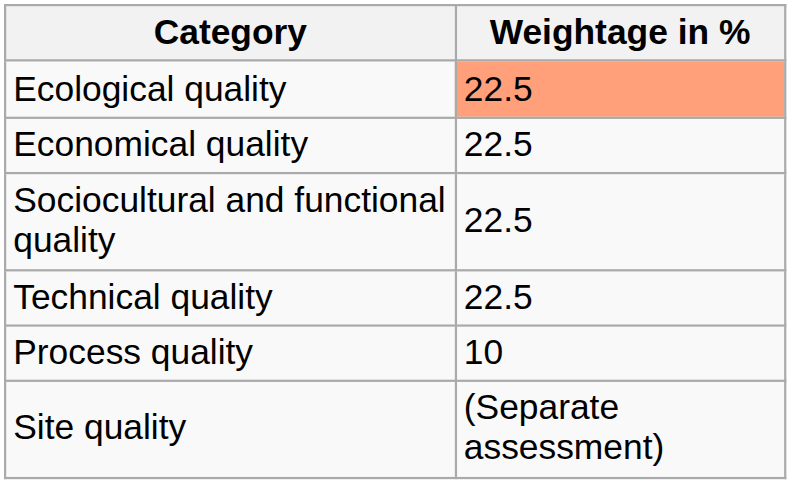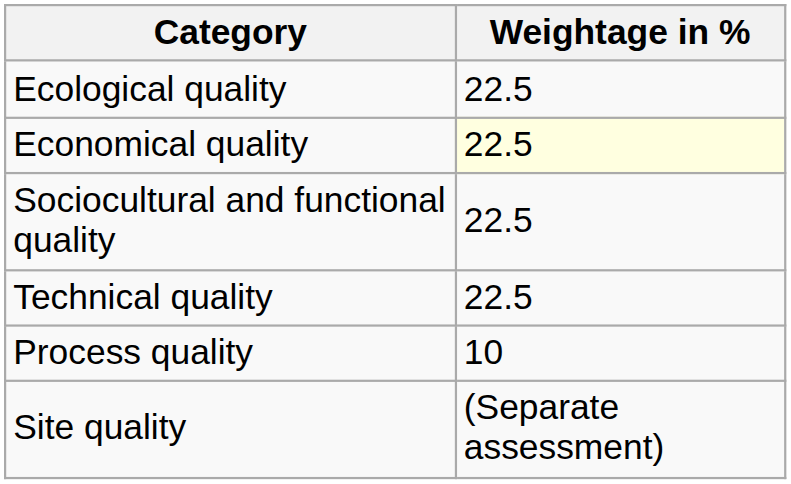 <table class="wikitable" style="width: 40%">
 <tr>
 <th>Category</th>
 <th>Weightage in %</th>
 </tr>
 <tr>
 <td>Ecological quality</td>
-<td style="background: lightsalmon;">22.5</td>
+<td>22.5</td>
 </tr>
 <tr>
 <td>Economical quality</td>
-<td>22.5</td>
+<td style="background: lightyellow;">22.5</td>
 </tr>
 <tr>
 <td>Sociocultural and functional quality</td>
 <td>22.5</td>
 </tr>
 <tr>
 <td>Technical quality</td>
 <td>22.5</td>
 </tr>
 <tr>
 <td>Process quality</td>
 <td>10</td>
 </tr>
 <tr>
 <td>Site quality</td>
 <td>(Separate assessment)</td>
 </tr>
 </table>
